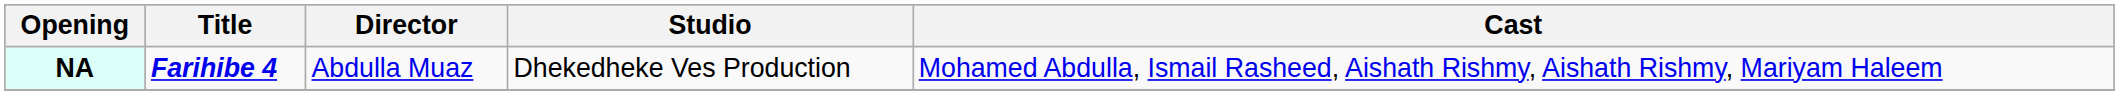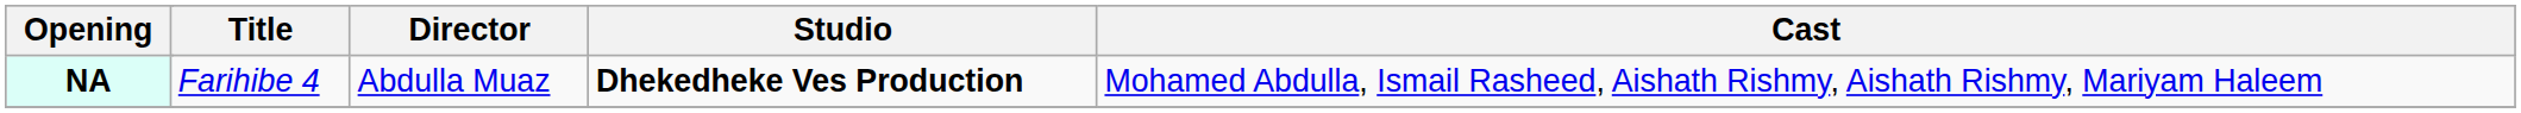 <table class="wikitable plainrowheaders" width="100%">
 <tr>
 <th scope="col" colspan="2">Opening</th>
 <th scope="col">Title</th>
 <th scope="col">Director</th>
 <th scope="col">Studio</th>
 <th scope="col">Cast</th>
 </tr>
 <tr>
 <td style="text-align:center; background:#dbfff8;" colspan="2"><strong>NA</strong></td>
-<td><strong><em><a href='#'>Farihibe 4</a></em></strong></td>
+<td><em><a href='#'>Farihibe 4</a></em></td>
 <td><a href='#'>Abdulla Muaz</a></td>
-<td>Dhekedheke Ves Production</td>
+<td><strong>Dhekedheke Ves Production</strong></td>
 <td><a href='#'>Mohamed Abdulla</a>, <a href='#'>Ismail Rasheed</a>, <a href='#'>Aishath Rishmy</a>, <a href='#'>Aishath Rishmy</a>, <a href='#'>Mariyam Haleem</a></td>
 </tr>
 <tr>
 </tr>
 </table>
